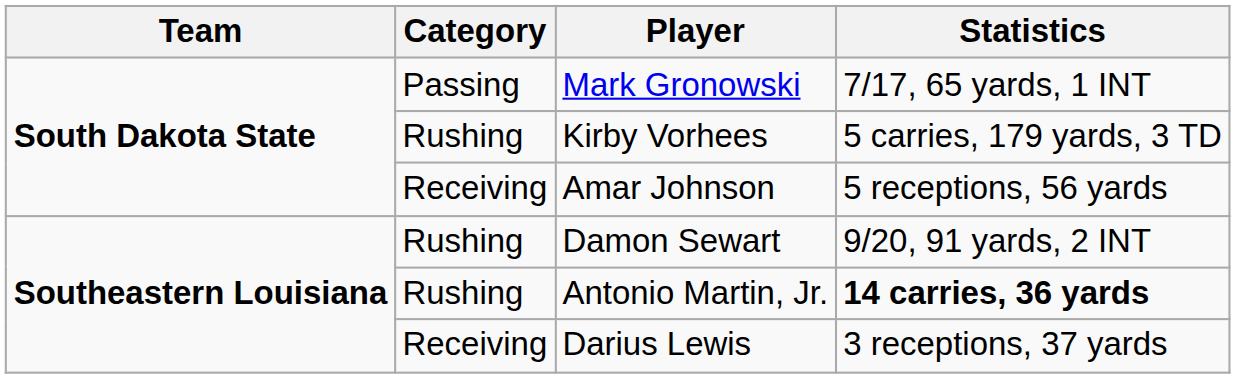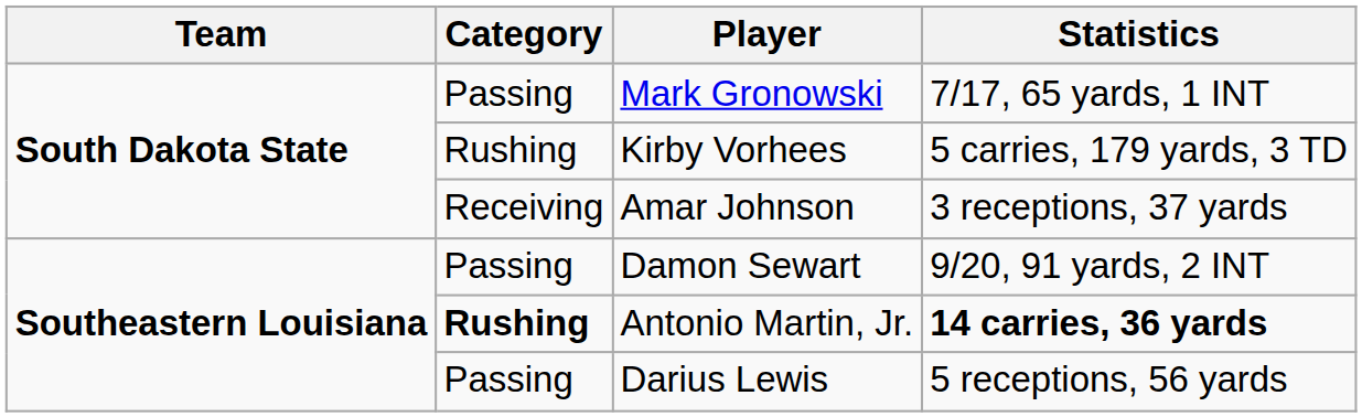 <table class="wikitable" style="float: right;">
 <tr>
 <th>Team</th>
 <th>Category</th>
 <th>Player</th>
 <th>Statistics</th>
 </tr>
 <tr>
 <td rowspan=3><strong>South Dakota State</strong></td>
 <td>Passing</td>
 <td><a href='#'>Mark Gronowski</a></td>
 <td>7/17, 65 yards, 1 INT</td>
 </tr>
 <tr>
 <td>Rushing</td>
 <td>Kirby Vorhees</td>
 <td>5 carries, 179 yards, 3 TD</td>
 </tr>
 <tr>
 <td>Receiving</td>
 <td>Amar Johnson</td>
-<td>5 receptions, 56 yards</td>
+<td>3 receptions, 37 yards</td>
 </tr>
 <tr>
 <td rowspan=3><strong>Southeastern Louisiana</strong></td>
-<td>Rushing</td>
+<td>Passing</td>
 <td>Damon Sewart</td>
 <td>9/20, 91 yards, 2 INT</td>
 </tr>
 <tr>
-<td>Rushing</td>
+<td><strong>Rushing</strong></td>
 <td>Antonio Martin, Jr.</td>
 <td><strong>14 carries, 36 yards</strong></td>
 </tr>
 <tr>
-<td>Receiving</td>
+<td>Passing</td>
 <td>Darius Lewis</td>
-<td>3 receptions, 37 yards</td>
+<td>5 receptions, 56 yards</td>
 </tr>
 </table>
